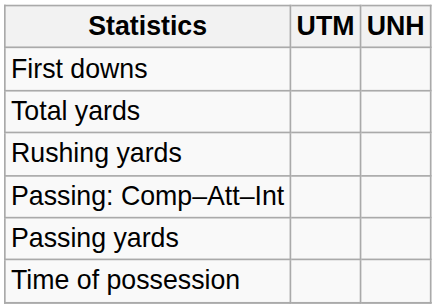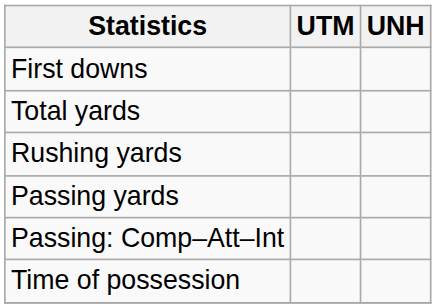 <table class="wikitable" style="float: left;">
 <tr>
 <th>Statistics</th>
 <th>UTM</th>
 <th>UNH</th>
 </tr>
 <tr>
 <td>First downs</td>
 <td></td>
 <td></td>
 </tr>
 <tr>
 <td>Total yards</td>
 <td></td>
 <td></td>
 </tr>
 <tr>
 <td>Rushing yards</td>
 <td></td>
 <td></td>
 </tr>
 <tr>
-<td>Passing: Comp–Att–Int</td>
+<td>Passing yards</td>
 <td></td>
 <td></td>
 </tr>
 <tr>
-<td>Passing yards</td>
+<td>Passing: Comp–Att–Int</td>
 <td></td>
 <td></td>
 </tr>
 <tr>
 <td>Time of possession</td>
 <td></td>
 <td></td>
 </tr>
 <tr>
 </tr>
 </table>
